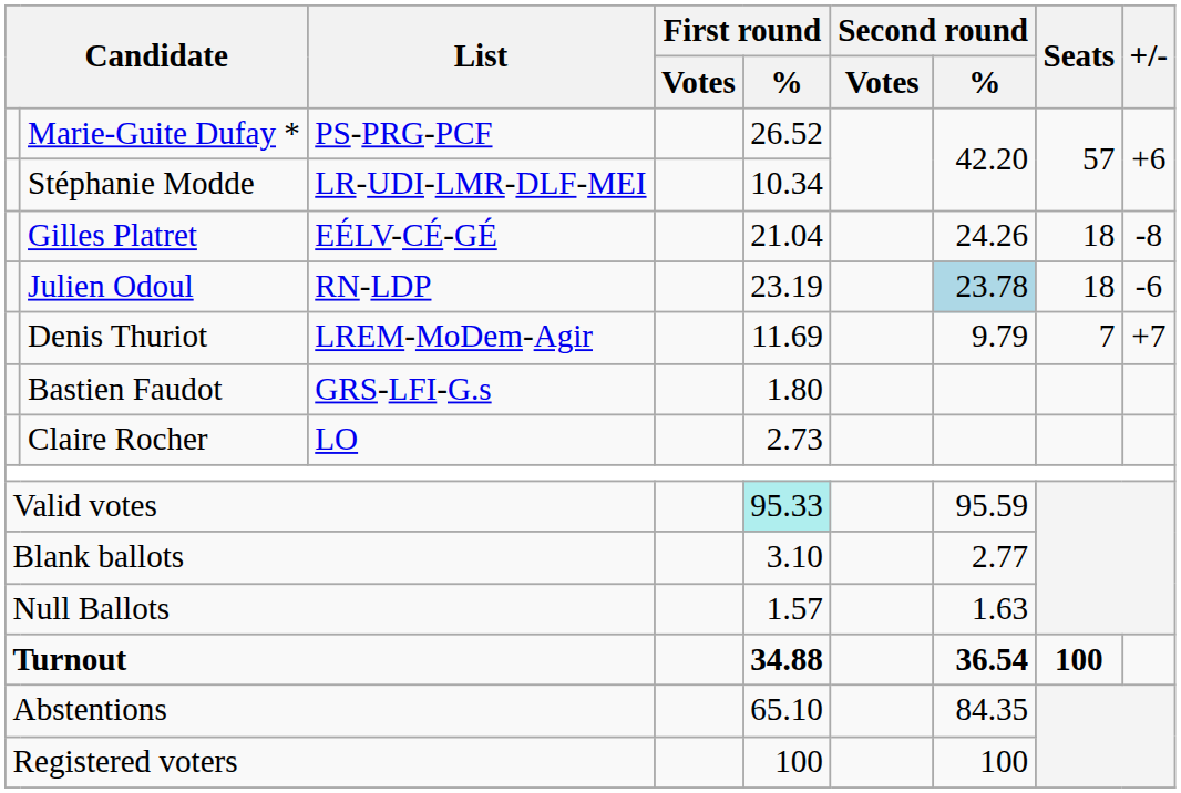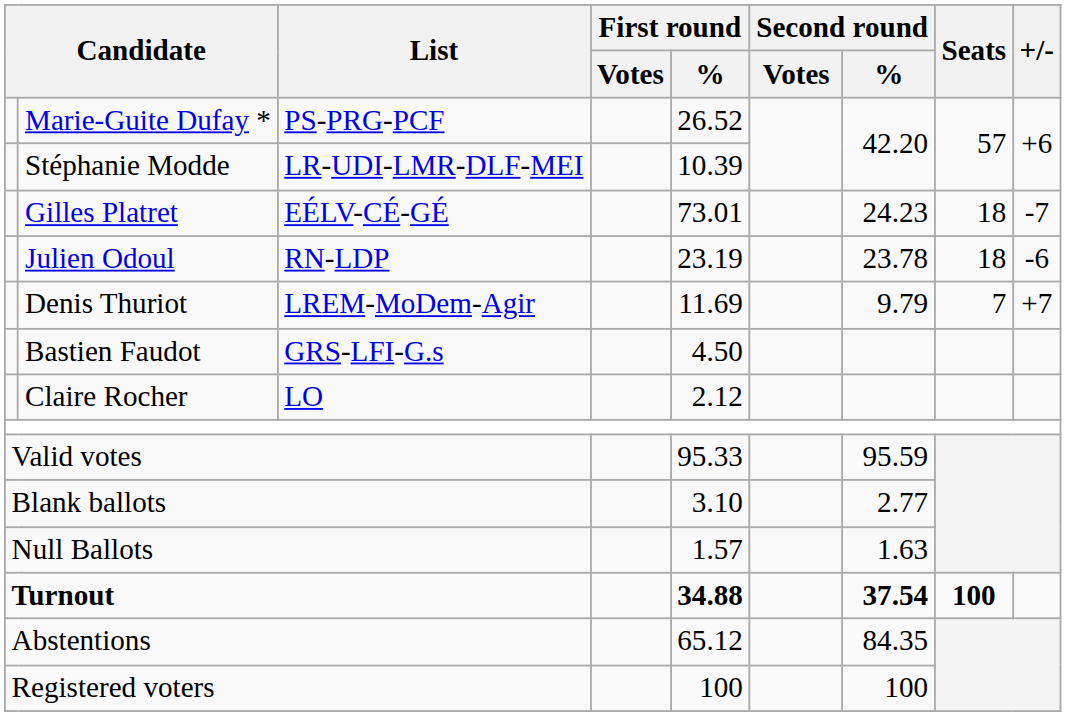 <table class="wikitable centre" style="text-align:right;">
 <tr>
 <th rowspan=2 colspan=2 scope=col>Candidate</th>
 <th rowspan=2 scope=col>List</th>
 <th colspan=2 scope=col>First round</th>
 <th colspan=2 scope=col>Second round</th>
 <th rowspan=2 scope=col>Seats</th>
 <th rowspan=2 scope=col>+/-</th>
 </tr>
 <tr>
 <th scope=col>Votes</th>
 <th scope=col>%</th>
 <th scope=col>Votes</th>
 <th scope=col>%</th>
 </tr>
 <tr>
 <td style="color:inherit;background:"></td>
 <td align="left"><a href='#'>Marie-Guite Dufay</a> *</td>
 <td align="left"><a href='#'>PS</a>-<a href='#'>PRG</a>-<a href='#'>PCF</a></td>
 <td></td>
 <td>26.52</td>
 <td rowspan="2"></td>
 <td rowspan="2">42.20</td>
 <td rowspan="2">57</td>
 <td rowspan="2" align="center">+6</td>
 </tr>
 <tr>
 <td style="color:inherit;background:"></td>
 <td align="left">Stéphanie Modde</td>
 <td align="left"><a href='#'>LR</a>-<a href='#'>UDI</a>-<a href='#'>LMR</a>-<a href='#'>DLF</a>-<a href='#'>MEI</a></td>
 <td></td>
-<td>10.34</td>
+<td>10.39</td>
 </tr>
 <tr>
 <td style="color:inherit;background:"></td>
 <td align="left"><a href='#'>Gilles Platret</a></td>
 <td align="left"><a href='#'>EÉLV</a>-<a href='#'>CÉ</a>-<a href='#'>GÉ</a></td>
 <td></td>
-<td>21.04</td>
+<td>73.01</td>
 <td></td>
-<td>24.26</td>
+<td>24.23</td>
 <td>18</td>
-<td align="center">-8</td>
+<td align="center">-7</td>
 </tr>
 <tr>
 <td style="color:inherit;background:"></td>
 <td align="left"><a href='#'>Julien Odoul</a></td>
 <td align="left"><a href='#'>RN</a>-<a href='#'>LDP</a></td>
 <td></td>
 <td>23.19</td>
 <td></td>
-<td style="background: lightblue;">23.78</td>
+<td>23.78</td>
 <td>18</td>
 <td align="center">-6</td>
 </tr>
 <tr>
 <td style="color:inherit;background:"></td>
 <td align="left">Denis Thuriot</td>
 <td align="left"><a href='#'>LREM</a>-<a href='#'>MoDem</a>-<a href='#'>Agir</a></td>
 <td></td>
 <td>11.69</td>
 <td></td>
 <td>9.79</td>
 <td>7</td>
 <td align="center">+7</td>
 </tr>
 <tr>
 <td style="color:inherit;background:"></td>
 <td align="left">Bastien Faudot</td>
 <td align="left"><a href='#'>GRS</a>-<a href='#'>LFI</a>-<a href='#'>G.s</a></td>
 <td></td>
-<td>1.80</td>
+<td>4.50</td>
 <td></td>
 <td></td>
 <td></td>
 <td align="center"></td>
 </tr>
 <tr>
 <td style="color:inherit;background:"></td>
 <td align="left">Claire Rocher</td>
 <td align="left"><a href='#'>LO</a></td>
 <td></td>
-<td>2.73</td>
+<td>2.12</td>
 <td></td>
 <td></td>
 <td></td>
 <td align="center"></td>
 </tr>
 <tr style="background:white;">
 <td colspan=9></td>
 </tr>
 <tr>
 <td colspan=3 style="text-align:left;">Valid votes</td>
 <td></td>
-<td style="background: paleturquoise;">95.33</td>
+<td>95.33</td>
 <td></td>
 <td>95.59</td>
 <td colspan="2" rowspan="3" bgcolor=#F4F4F4></td>
 </tr>
 <tr>
 <td colspan=3 style="text-align:left;">Blank ballots</td>
 <td></td>
 <td>3.10</td>
 <td></td>
 <td>2.77</td>
 </tr>
 <tr>
 <td colspan=3 style="text-align:left;">Null Ballots</td>
 <td></td>
 <td>1.57</td>
 <td></td>
 <td>1.63</td>
 </tr>
 <tr style="font-weight:bold;">
 <td colspan=3 style="text-align:left;">Turnout</td>
 <td></td>
 <td>34.88</td>
 <td></td>
-<td>36.54</td>
+<td>37.54</td>
 <td align=center>100</td>
 <td align=center></td>
 </tr>
 <tr>
 <td colspan=3 style="text-align:left;">Abstentions</td>
 <td></td>
-<td>65.10</td>
+<td>65.12</td>
 <td></td>
 <td>84.35</td>
 <td colspan="2" rowspan="2" bgcolor=#F4F4F4></td>
 </tr>
 <tr>
 <td colspan=3 style="text-align:left;">Registered voters</td>
 <td></td>
 <td>100</td>
 <td></td>
 <td>100</td>
 </tr>
 </table>
